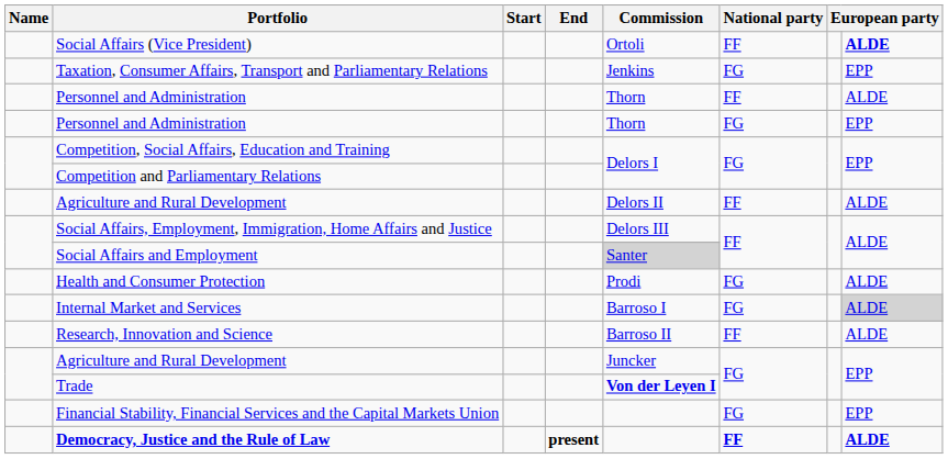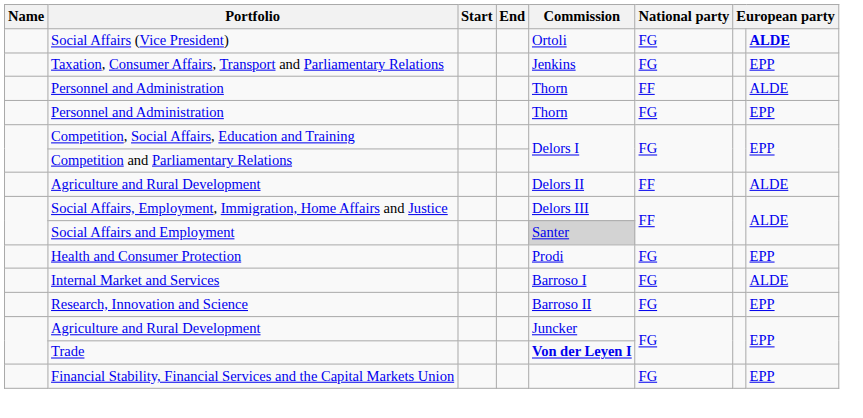 <table class="wikitable sortable" style="font-size: 90%;">
 <tr>
 <th>Name</th>
 <th>Portfolio</th>
 <th>Start</th>
 <th>End</th>
 <th>Commission</th>
 <th>National party</th>
 <th colspan=2>European party</th>
 </tr>
 <tr>
 <td></td>
 <td><a href='#'>Social Affairs</a> (<a href='#'>Vice President</a>)</td>
 <td></td>
 <td></td>
 <td><a href='#'>Ortoli</a></td>
-<td><a href='#'>FF</a></td>
+<td><a href='#'>FG</a></td>
 <td style="background:"></td>
 <td><strong><a href='#'>ALDE</a></strong></td>
 </tr>
 <tr>
 <td></td>
 <td><a href='#'>Taxation</a>, <a href='#'>Consumer Affairs</a>, <a href='#'>Transport</a> and <a href='#'>Parliamentary Relations</a></td>
 <td></td>
 <td></td>
 <td><a href='#'>Jenkins</a></td>
 <td><a href='#'>FG</a></td>
 <td style="background:"></td>
 <td><a href='#'>EPP</a></td>
 </tr>
 <tr>
 <td></td>
 <td><a href='#'>Personnel and Administration</a></td>
 <td></td>
 <td></td>
 <td><a href='#'>Thorn</a></td>
 <td><a href='#'>FF</a></td>
 <td style="background:"></td>
 <td><a href='#'>ALDE</a></td>
 </tr>
 <tr>
 <td></td>
 <td><a href='#'>Personnel and Administration</a></td>
 <td></td>
 <td></td>
 <td><a href='#'>Thorn</a></td>
 <td><a href='#'>FG</a></td>
 <td style="background:"></td>
 <td><a href='#'>EPP</a></td>
 </tr>
 <tr>
 <td rowspan=2></td>
 <td><a href='#'>Competition</a>, <a href='#'>Social Affairs</a>, <a href='#'>Education and Training</a></td>
 <td></td>
 <td></td>
 <td rowspan=2><a href='#'>Delors I</a></td>
 <td rowspan=2><a href='#'>FG</a></td>
 <td rowspan=2 style="background:"></td>
 <td rowspan=2><a href='#'>EPP</a></td>
 </tr>
 <tr>
 <td><a href='#'>Competition</a> and <a href='#'>Parliamentary Relations</a></td>
 <td></td>
 <td></td>
 </tr>
 <tr>
 <td></td>
 <td><a href='#'>Agriculture and Rural Development</a></td>
 <td></td>
 <td></td>
 <td><a href='#'>Delors II</a></td>
 <td><a href='#'>FF</a></td>
 <td style="background:"></td>
 <td><a href='#'>ALDE</a></td>
 </tr>
 <tr>
 <td rowspan=2></td>
 <td><a href='#'>Social Affairs, Employment</a>, <a href='#'>Immigration, Home Affairs</a> and <a href='#'>Justice</a></td>
 <td></td>
 <td></td>
 <td><a href='#'>Delors III</a></td>
 <td rowspan=2><a href='#'>FF</a></td>
 <td rowspan=2 style="background:"></td>
 <td rowspan=2><a href='#'>ALDE</a></td>
 </tr>
 <tr>
 <td><a href='#'>Social Affairs and Employment</a></td>
 <td></td>
 <td></td>
 <td style="background: lightgrey;"><a href='#'>Santer</a></td>
 </tr>
 <tr>
 <td></td>
 <td><a href='#'>Health and Consumer Protection</a></td>
 <td></td>
 <td></td>
 <td><a href='#'>Prodi</a></td>
 <td><a href='#'>FG</a></td>
 <td style="background:"></td>
-<td><a href='#'>ALDE</a></td>
+<td><a href='#'>EPP</a></td>
 </tr>
 <tr>
 <td></td>
 <td><a href='#'>Internal Market and Services</a></td>
 <td></td>
 <td></td>
 <td><a href='#'>Barroso I</a></td>
 <td><a href='#'>FG</a></td>
 <td style="background:"></td>
-<td style="background: lightgrey;"><a href='#'>ALDE</a></td>
+<td><a href='#'>ALDE</a></td>
 </tr>
 <tr>
 <td></td>
 <td><a href='#'>Research, Innovation and Science</a></td>
 <td></td>
 <td></td>
 <td><a href='#'>Barroso II</a></td>
-<td><a href='#'>FF</a></td>
+<td><a href='#'>FG</a></td>
 <td style="background:"></td>
-<td><a href='#'>ALDE</a></td>
+<td><a href='#'>EPP</a></td>
 </tr>
 <tr>
 <td rowspan=2></td>
 <td><a href='#'>Agriculture and Rural Development</a></td>
 <td></td>
 <td></td>
 <td><a href='#'>Juncker</a></td>
 <td rowspan=2><a href='#'>FG</a></td>
 <td rowspan=2 style="background:"></td>
 <td rowspan=2><a href='#'>EPP</a></td>
 </tr>
 <tr>
 <td><a href='#'>Trade</a></td>
 <td></td>
 <td></td>
 <td><strong><a href='#'>Von der Leyen I</a></strong></td>
 </tr>
 <tr>
 <td></td>
 <td><a href='#'>Financial Stability, Financial Services and the Capital Markets Union</a></td>
 <td></td>
 <td></td>
 <td></td>
 <td><a href='#'>FG</a></td>
 <td style="background:"></td>
 <td><a href='#'>EPP</a></td>
 </tr>
-<tr>
-<td><strong></strong></td>
-<td><strong><a href='#'>Democracy, Justice and the Rule of Law</a></strong></td>
-<td><strong></strong></td>
-<td><strong>present</strong></td>
-<td><strong></strong></td>
-<td><strong><a href='#'>FF</a></strong></td>
-<td style="background:"></td>
-<td><strong><a href='#'>ALDE</a></strong></td>
-</tr>
 </table>
